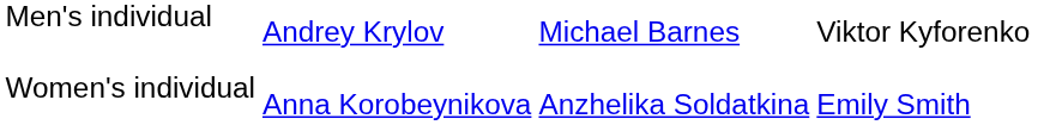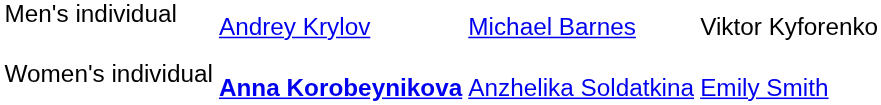 <table>
 <tr>
 <td>Men's individual</td>
 <td><br> <a href='#'>Andrey Krylov</a></td>
 <td><br> <a href='#'>Michael Barnes</a></td>
 <td><br> Viktor Kyforenko</td>
 </tr>
 <tr>
 <td>Women's individual</td>
-<td><br> <a href='#'>Anna Korobeynikova</a></td>
+<td><strong><br> <a href='#'>Anna Korobeynikova</a></strong></td>
 <td><br> <a href='#'>Anzhelika Soldatkina</a></td>
 <td><br> <a href='#'>Emily Smith</a></td>
 </tr>
 </table>
